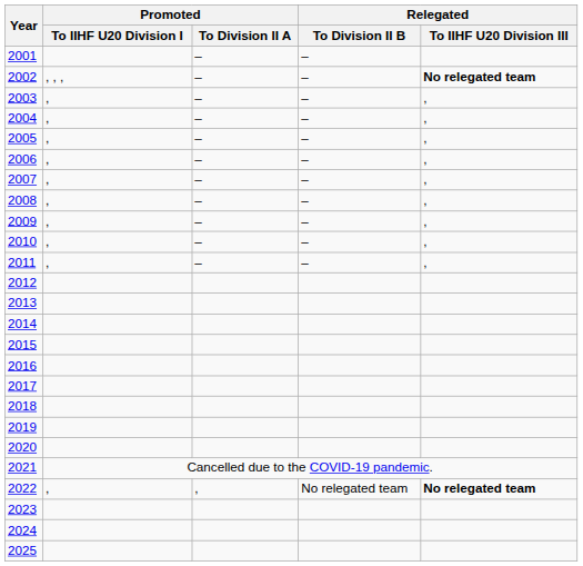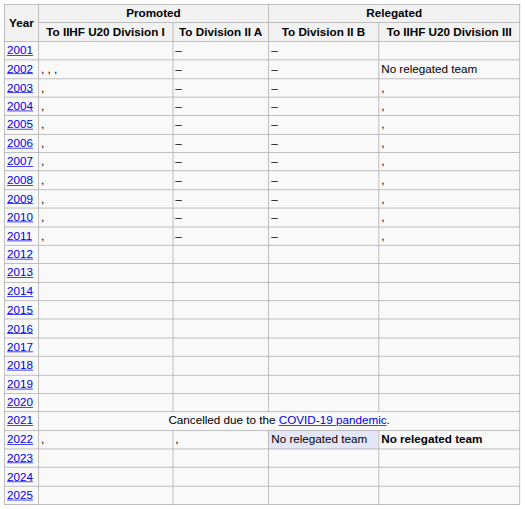 <table class="wikitable" width=80%>
 <tr>
 <th rowspan=2>Year</th>
 <th colspan=2>Promoted</th>
 <th colspan=2>Relegated</th>
 </tr>
 <tr>
 <th>To IIHF U20 Division I</th>
 <th>To Division II A</th>
 <th>To Division II B</th>
 <th>To IIHF U20 Division III</th>
 </tr>
 <tr>
 <td><a href='#'>2001</a></td>
 <td></td>
 <td>–</td>
 <td>–</td>
 <td></td>
 </tr>
 <tr>
 <td><a href='#'>2002</a></td>
 <td>, , , </td>
 <td>–</td>
 <td>–</td>
-<td><strong>No relegated team</strong></td>
+<td>No relegated team</td>
 </tr>
 <tr>
 <td><a href='#'>2003</a></td>
 <td>, </td>
 <td>–</td>
 <td>–</td>
 <td>, </td>
 </tr>
 <tr>
 <td><a href='#'>2004</a></td>
 <td>, </td>
 <td>–</td>
 <td>–</td>
 <td>, </td>
 </tr>
 <tr>
 <td><a href='#'>2005</a></td>
 <td>, </td>
 <td>–</td>
 <td>–</td>
 <td>, </td>
 </tr>
 <tr>
 <td><a href='#'>2006</a></td>
 <td>, </td>
 <td>–</td>
 <td>–</td>
 <td>, </td>
 </tr>
 <tr>
 <td><a href='#'>2007</a></td>
 <td>, </td>
 <td>–</td>
 <td>–</td>
 <td>, </td>
 </tr>
 <tr>
 <td><a href='#'>2008</a></td>
 <td>, </td>
 <td>–</td>
 <td>–</td>
 <td>, </td>
 </tr>
 <tr>
 <td><a href='#'>2009</a></td>
 <td>, </td>
 <td>–</td>
 <td>–</td>
 <td>,</td>
 </tr>
 <tr>
 <td><a href='#'>2010</a></td>
 <td>, </td>
 <td>–</td>
 <td>–</td>
 <td>, </td>
 </tr>
 <tr>
 <td><a href='#'>2011</a></td>
 <td>, </td>
 <td>–</td>
 <td>–</td>
 <td>, </td>
 </tr>
 <tr>
 <td><a href='#'>2012</a></td>
 <td></td>
 <td></td>
 <td></td>
 <td></td>
 </tr>
 <tr>
 <td><a href='#'>2013</a></td>
 <td></td>
 <td></td>
 <td></td>
 <td></td>
 </tr>
 <tr>
 <td><a href='#'>2014</a></td>
 <td></td>
 <td></td>
 <td></td>
 <td></td>
 </tr>
 <tr>
 <td><a href='#'>2015</a></td>
 <td></td>
 <td></td>
 <td></td>
 <td></td>
 </tr>
 <tr>
 <td><a href='#'>2016</a></td>
 <td></td>
 <td></td>
 <td></td>
 <td></td>
 </tr>
 <tr>
 <td><a href='#'>2017</a></td>
 <td></td>
 <td></td>
 <td></td>
 <td></td>
 </tr>
 <tr>
 <td><a href='#'>2018</a></td>
 <td></td>
 <td></td>
 <td></td>
 <td></td>
 </tr>
 <tr>
 <td><a href='#'>2019</a></td>
 <td></td>
 <td></td>
 <td></td>
 <td></td>
 </tr>
 <tr>
 <td><a href='#'>2020</a></td>
 <td></td>
 <td></td>
 <td></td>
 <td></td>
 </tr>
 <tr>
 <td><a href='#'>2021</a></td>
 <td colspan=4 align=center>Cancelled due to the <a href='#'>COVID-19 pandemic</a>.</td>
 </tr>
 <tr>
 <td><a href='#'>2022</a></td>
 <td>, </td>
 <td>, </td>
-<td>No relegated team</td>
+<td style="background: lavender;">No relegated team</td>
 <td><strong>No relegated team</strong></td>
 </tr>
 <tr>
 <td><a href='#'>2023</a></td>
 <td></td>
 <td></td>
 <td></td>
 <td></td>
 </tr>
 <tr>
 <td><a href='#'>2024</a></td>
 <td></td>
 <td></td>
 <td></td>
 <td></td>
 </tr>
 <tr>
 <td><a href='#'>2025</a></td>
 <td></td>
 <td></td>
 <td></td>
 <td></td>
 </tr>
 </table>
